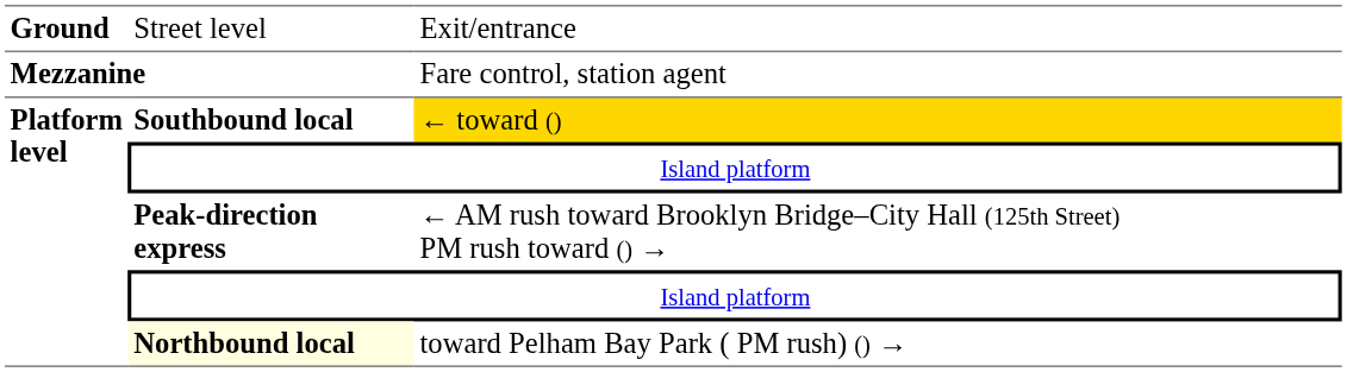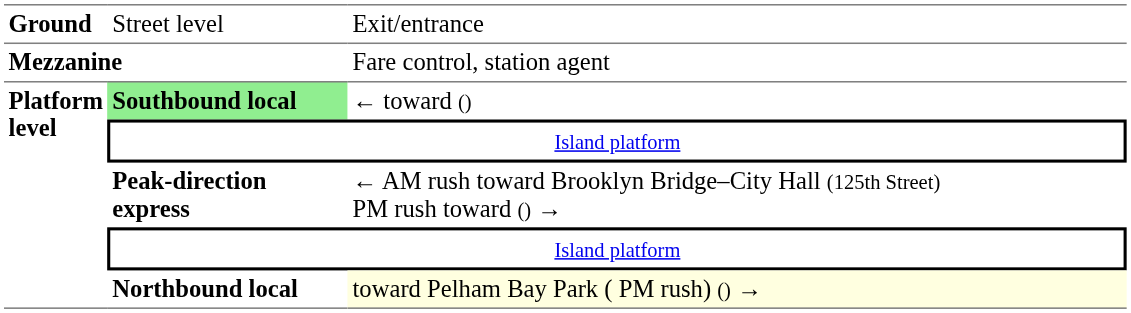 <table table border=0 cellspacing=0 cellpadding=3>
 <tr>
 <td style="border-top:solid 1px gray;" width=50><strong>Ground</strong></td>
 <td style="border-top:solid 1px gray;" width=150>Street level</td>
 <td style="border-top:solid 1px gray;" width=500>Exit/entrance</td>
 </tr>
 <tr>
 <td style="border-top:solid 1px gray;" colspan=2><strong>Mezzanine</strong></td>
 <td style="border-top:solid 1px gray;">Fare control, station agent<br></td>
 </tr>
 <tr>
 <td style="border-top:solid 1px gray;border-bottom:solid 1px gray;" rowspan=6 valign=top><strong>Platform level</strong></td>
-<td style="border-top:solid 1px gray;"><span><strong>Southbound local</strong></span></td>
-<td style="background: gold; border-top:solid 1px gray;">←  toward  <small>()</small></td>
+<td style="background: lightgreen; border-top:solid 1px gray;"><span><strong>Southbound local</strong></span></td>
+<td style="border-top:solid 1px gray;">←  toward  <small>()</small></td>
 </tr>
 <tr>
 <td style="border-top:solid 2px black;border-right:solid 2px black;border-left:solid 2px black;border-bottom:solid 2px black;text-align:center;" colspan=2><small><a href='#'>Island platform</a></small></td>
 </tr>
 <tr>
 <td><span><strong>Peak-direction express</strong></span></td>
 <td>←  AM rush toward Brooklyn Bridge–City Hall <small>(125th Street)</small><br>  PM rush toward  <small>()</small> →</td>
 </tr>
 <tr>
 <td style="border-top:solid 2px black;border-right:solid 2px black;border-left:solid 2px black;border-bottom:solid 2px black;text-align:center;" colspan=2><small><a href='#'>Island platform</a></small></td>
 </tr>
 <tr>
-<td style="background: lightyellow; border-bottom:solid 1px gray;"><span><strong>Northbound local</strong></span></td>
-<td style="border-bottom:solid 1px gray;">  toward Pelham Bay Park ( PM rush) <small>()</small> →</td>
+<td style="border-bottom:solid 1px gray;"><span><strong>Northbound local</strong></span></td>
+<td style="background: lightyellow; border-bottom:solid 1px gray;">  toward Pelham Bay Park ( PM rush) <small>()</small> →</td>
 </tr>
 </table>
